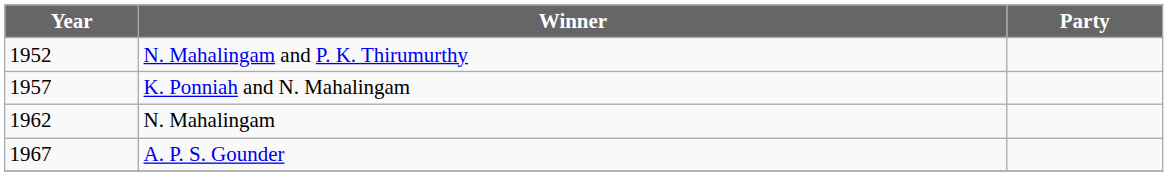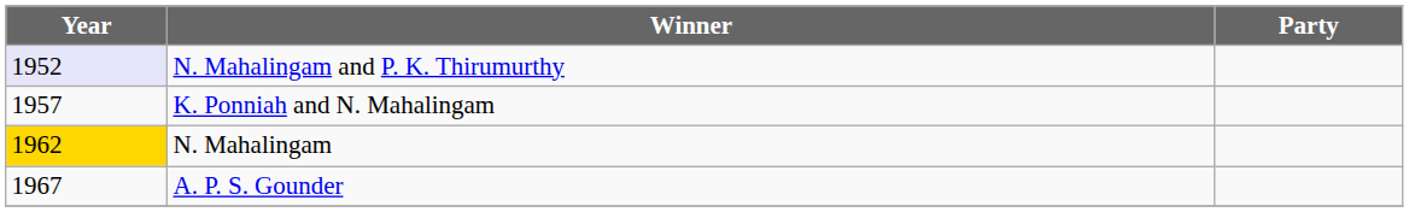 <table class="wikitable" width="70%">
 <tr>
 <th style="background-color:#666666; color:white">Year</th>
 <th style="background-color:#666666; color:white">Winner</th>
 <th style="background-color:#666666; color:white" colspan="2">Party</th>
 </tr>
 <tr>
-<td>1952</td>
+<td style="background: lavender;">1952</td>
 <td><a href='#'>N. Mahalingam</a> and <a href='#'>P. K. Thirumurthy</a></td>
 <td></td>
 </tr>
 <tr>
 <td>1957</td>
 <td><a href='#'>K. Ponniah</a> and N. Mahalingam</td>
 <td></td>
 </tr>
 <tr>
-<td>1962</td>
+<td style="background: gold;">1962</td>
 <td>N. Mahalingam</td>
 <td></td>
 </tr>
 <tr>
 <td>1967</td>
 <td><a href='#'>A. P. S. Gounder</a></td>
 <td></td>
 </tr>
 <tr>
 </tr>
 </table>
